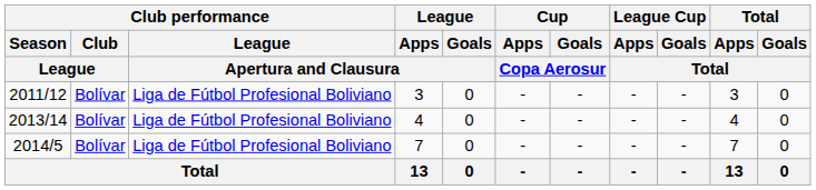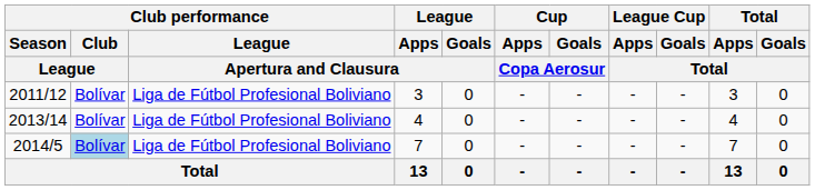 <table class="wikitable" style="text-align:center;">
 <tr>
 <th colspan=3>Club performance</th>
 <th colspan=2>League</th>
 <th colspan=2>Cup</th>
 <th colspan=2>League Cup</th>
 <th colspan=2>Total</th>
 </tr>
 <tr>
 <th>Season</th>
 <th>Club</th>
 <th>League</th>
 <th>Apps</th>
 <th>Goals</th>
 <th>Apps</th>
 <th>Goals</th>
 <th>Apps</th>
 <th>Goals</th>
 <th>Apps</th>
 <th>Goals</th>
 </tr>
 <tr>
 <th colspan=2>League</th>
 <th colspan=3>Apertura and Clausura</th>
 <th colspan=2><a href='#'>Copa Aerosur</a></th>
 <th colspan=6>Total</th>
 </tr>
 <tr>
 <td>2011/12</td>
 <td><a href='#'>Bolívar</a></td>
 <td><a href='#'>Liga de Fútbol Profesional Boliviano</a></td>
 <td>3</td>
 <td>0</td>
 <td>-</td>
 <td>-</td>
 <td>-</td>
 <td>-</td>
 <td>3</td>
 <td>0</td>
 </tr>
 <tr>
 <td>2013/14</td>
 <td><a href='#'>Bolívar</a></td>
 <td><a href='#'>Liga de Fútbol Profesional Boliviano</a></td>
 <td>4</td>
 <td>0</td>
 <td>-</td>
 <td>-</td>
 <td>-</td>
 <td>-</td>
 <td>4</td>
 <td>0</td>
 </tr>
 <tr>
 <td>2014/5</td>
-<td><a href='#'>Bolívar</a></td>
+<td style="background: lightblue;"><a href='#'>Bolívar</a></td>
 <td><a href='#'>Liga de Fútbol Profesional Boliviano</a></td>
 <td>7</td>
 <td>0</td>
 <td>-</td>
 <td>-</td>
 <td>-</td>
 <td>-</td>
 <td>7</td>
 <td>0</td>
 </tr>
 <tr>
 <th colspan=3>Total</th>
 <th>13</th>
 <th>0</th>
 <th>-</th>
 <th>-</th>
 <th>-</th>
 <th>-</th>
 <th>13</th>
 <th>0</th>
 </tr>
 </table>
